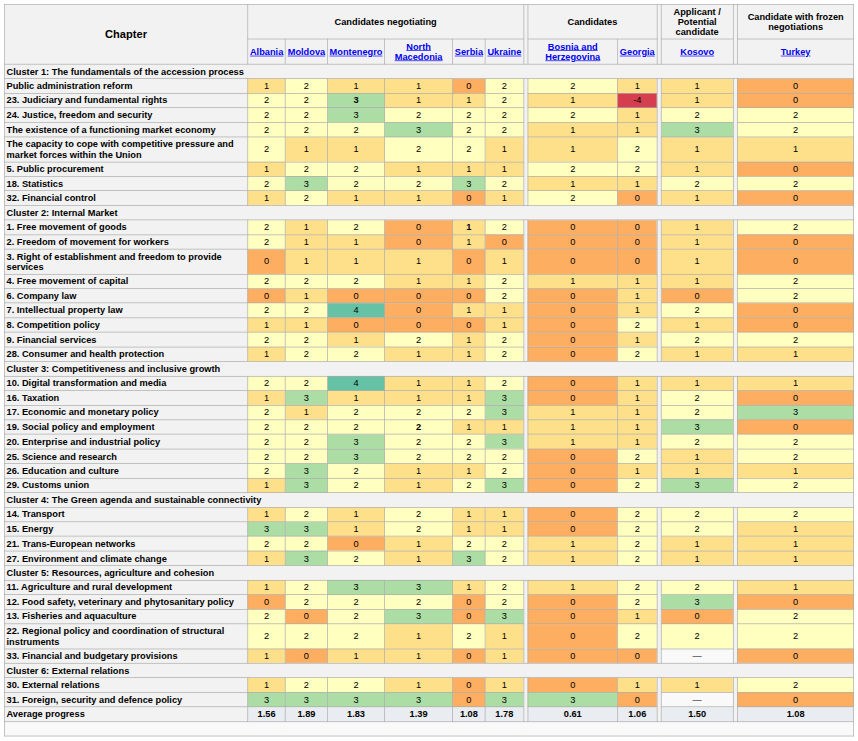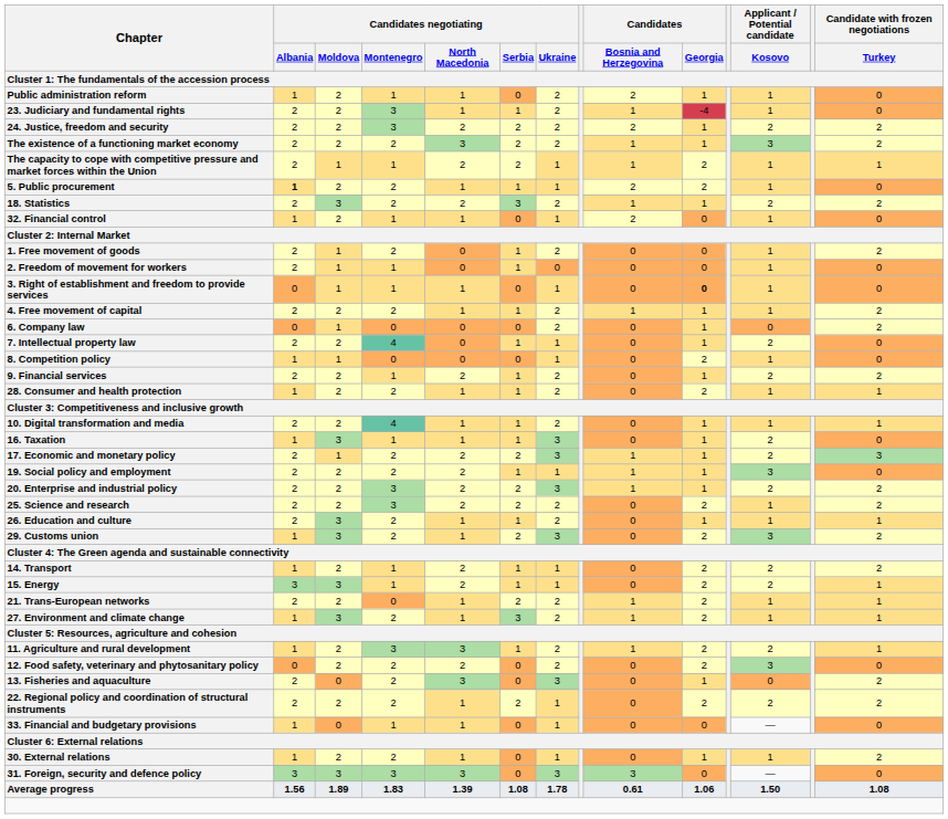 <table class="wikitable" style="text-align:center; font-size:85%">
 <tr>
 <th rowspan=2><big>Chapter</big></th>
 <th colspan=6>Candidates negotiating</th>
 <th rowspan=2></th>
 <th colspan=2>Candidates</th>
 <th rowspan=2></th>
 <th>Applicant /<br>Potential candidate</th>
 <th rowspan=2></th>
 <th>Candidate with frozen negotiations</th>
 </tr>
 <tr>
 <th><a href='#'>Albania</a></th>
 <th><a href='#'>Moldova</a></th>
 <th><a href='#'>Montenegro</a></th>
 <th><a href='#'>North Macedonia</a></th>
 <th><a href='#'>Serbia</a></th>
 <th><a href='#'>Ukraine</a></th>
 <th><a href='#'>Bosnia and Herzegovina</a></th>
 <th><a href='#'>Georgia</a></th>
 <th><a href='#'>Kosovo</a></th>
 <th><a href='#'>Turkey</a></th>
 </tr>
 <tr>
 <th colspan=14 style="text-align:left">Cluster 1: The fundamentals of the accession process</th>
 </tr>
 <tr>
 <th style="text-align:left">Public administration reform</th>
 <td style="background:#fee08b">1</td>
 <td style="background:#ffffbf">2</td>
 <td style="background:#fee08b">1</td>
 <td style="background:#fee08b">1</td>
 <td style="background:#fdae61">0</td>
 <td style="background:#ffffbf">2</td>
 <th rowspan="8"></th>
 <td style="background:#ffffbf">2</td>
 <td style="background:#fee08b">1</td>
 <th rowspan="8"></th>
 <td style="background:#fee08b">1</td>
 <th rowspan="8"></th>
 <td style="background:#fdae61">0</td>
 </tr>
 <tr>
 <th style="text-align:left">23. Judiciary and fundamental rights</th>
 <td style="background:#ffffbf">2</td>
 <td style="background:#ffffbf">2</td>
-<td style="background:#abdda4"><strong>3</strong></td>
+<td style="background:#abdda4">3</td>
 <td style="background:#fee08b">1</td>
 <td style="background:#fee08b">1</td>
 <td style="background:#ffffbf">2</td>
 <td style="background:#fee08b">1</td>
 <td style="background:#d53e4f">-4</td>
 <td style="background:#fee08b">1</td>
 <td style="background:#fdae61">0</td>
 </tr>
 <tr>
 <th style="text-align:left">24. Justice, freedom and security</th>
 <td style="background:#ffffbf">2</td>
 <td style="background:#ffffbf">2</td>
 <td style="background:#abdda4">3</td>
 <td style="background:#ffffbf">2</td>
 <td style="background:#ffffbf">2</td>
 <td style="background:#ffffbf">2</td>
 <td style="background:#ffffbf">2</td>
 <td style="background:#fee08b">1</td>
 <td style="background:#ffffbf">2</td>
 <td style="background:#ffffbf">2</td>
 </tr>
 <tr>
 <th style="text-align:left">The existence of a functioning market economy</th>
 <td style="background:#ffffbf">2</td>
 <td style="background:#ffffbf">2</td>
 <td style="background:#ffffbf">2</td>
 <td style="background:#abdda4">3</td>
 <td style="background:#ffffbf">2</td>
 <td style="background:#ffffbf">2</td>
 <td style="background:#fee08b">1</td>
 <td style="background:#fee08b">1</td>
 <td style="background:#abdda4">3</td>
 <td style="background:#ffffbf">2</td>
 </tr>
 <tr>
 <th style="text-align:left">The capacity to cope with competitive pressure and market forces within the Union</th>
 <td style="background:#ffffbf">2</td>
 <td style="background:#fee08b">1</td>
 <td style="background:#fee08b">1</td>
 <td style="background:#ffffbf">2</td>
 <td style="background:#ffffbf">2</td>
 <td style="background:#fee08b">1</td>
 <td style="background:#fee08b">1</td>
 <td style="background:#ffffbf">2</td>
 <td style="background:#fee08b">1</td>
 <td style="background:#fee08b">1</td>
 </tr>
 <tr>
 <th style="text-align:left">5. Public procurement</th>
-<td style="background:#fee08b">1</td>
+<td style="background:#fee08b"><strong>1</strong></td>
 <td style="background:#ffffbf">2</td>
 <td style="background:#ffffbf">2</td>
 <td style="background:#fee08b">1</td>
 <td style="background:#fee08b">1</td>
 <td style="background:#fee08b">1</td>
 <td style="background:#ffffbf">2</td>
 <td style="background:#ffffbf">2</td>
 <td style="background:#fee08b">1</td>
 <td style="background:#fdae61">0</td>
 </tr>
 <tr>
 <th style="text-align:left">18. Statistics</th>
 <td style="background:#ffffbf">2</td>
 <td style="background:#abdda4">3</td>
 <td style="background:#ffffbf">2</td>
 <td style="background:#ffffbf">2</td>
 <td style="background:#abdda4">3</td>
 <td style="background:#ffffbf">2</td>
 <td style="background:#fee08b">1</td>
 <td style="background:#fee08b">1</td>
 <td style="background:#ffffbf">2</td>
 <td style="background:#ffffbf">2</td>
 </tr>
 <tr>
 <th style="text-align:left">32. Financial control</th>
 <td style="background:#fee08b">1</td>
 <td style="background:#ffffbf">2</td>
 <td style="background:#fee08b">1</td>
 <td style="background:#fee08b">1</td>
 <td style="background:#fdae61">0</td>
 <td style="background:#fee08b">1</td>
 <td style="background:#ffffbf">2</td>
 <td style="background:#fdae61">0</td>
 <td style="background:#fee08b">1</td>
 <td style="background:#fdae61">0</td>
 </tr>
 <tr>
 <th colspan=14 style="text-align:left">Cluster 2: Internal Market</th>
 </tr>
 <tr>
 <th style="text-align:left">1. Free movement of goods</th>
 <td style="background:#ffffbf">2</td>
 <td style="background:#fee08b">1</td>
 <td style="background:#ffffbf">2</td>
 <td style="background:#fdae61">0</td>
-<td style="background:#fee08b"><strong>1</strong></td>
+<td style="background:#fee08b">1</td>
 <td style="background:#ffffbf">2</td>
 <th rowspan=9></th>
 <td style="background:#fdae61">0</td>
 <td style="background:#fdae61">0</td>
 <th rowspan=9></th>
 <td style="background:#fee08b">1</td>
 <th rowspan=9></th>
 <td style="background:#ffffbf">2</td>
 </tr>
 <tr>
 <th style="text-align:left">2. Freedom of movement for workers</th>
 <td style="background:#ffffbf">2</td>
 <td style="background:#fee08b">1</td>
 <td style="background:#fee08b">1</td>
 <td style="background:#fdae61">0</td>
 <td style="background:#fee08b">1</td>
 <td style="background:#fdae61">0</td>
 <td style="background:#fdae61">0</td>
 <td style="background:#fdae61">0</td>
 <td style="background:#fee08b">1</td>
 <td style="background:#fdae61">0</td>
 </tr>
 <tr>
 <th style="text-align:left">3. Right of establishment and freedom to provide services</th>
 <td style="background:#fdae61">0</td>
 <td style="background:#fee08b">1</td>
 <td style="background:#fee08b">1</td>
 <td style="background:#fee08b">1</td>
 <td style="background:#fdae61">0</td>
 <td style="background:#fee08b">1</td>
 <td style="background:#fdae61">0</td>
-<td style="background:#fdae61">0</td>
+<td style="background:#fdae61"><strong>0</strong></td>
 <td style="background:#fee08b">1</td>
 <td style="background:#fdae61">0</td>
 </tr>
 <tr>
 <th style="text-align:left">4. Free movement of capital</th>
 <td style="background:#ffffbf">2</td>
 <td style="background:#ffffbf">2</td>
 <td style="background:#ffffbf">2</td>
 <td style="background:#fee08b">1</td>
 <td style="background:#fee08b">1</td>
 <td style="background:#ffffbf">2</td>
 <td style="background:#fee08b">1</td>
 <td style="background:#fee08b">1</td>
 <td style="background:#fee08b">1</td>
 <td style="background:#ffffbf">2</td>
 </tr>
 <tr>
 <th style="text-align:left">6. Company law</th>
 <td style="background:#fdae61">0</td>
 <td style="background:#fee08b">1</td>
 <td style="background:#fdae61">0</td>
 <td style="background:#fdae61">0</td>
 <td style="background:#fdae61">0</td>
 <td style="background:#ffffbf">2</td>
 <td style="background:#fdae61">0</td>
 <td style="background:#fee08b">1</td>
 <td style="background:#fdae61">0</td>
 <td style="background:#ffffbf">2</td>
 </tr>
 <tr>
 <th style="text-align:left">7. Intellectual property law</th>
 <td style="background:#ffffbf">2</td>
 <td style="background:#ffffbf">2</td>
 <td style="background:#66c2a5">4</td>
 <td style="background:#fdae61">0</td>
 <td style="background:#fee08b">1</td>
 <td style="background:#fee08b">1</td>
 <td style="background:#fdae61">0</td>
 <td style="background:#fee08b">1</td>
 <td style="background:#ffffbf">2</td>
 <td style="background:#fdae61">0</td>
 </tr>
 <tr>
 <th style="text-align:left">8. Competition policy</th>
 <td style="background:#fee08b">1</td>
 <td style="background:#fee08b">1</td>
 <td style="background:#fdae61">0</td>
 <td style="background:#fdae61">0</td>
 <td style="background:#fdae61">0</td>
 <td style="background:#fee08b">1</td>
 <td style="background:#fdae61">0</td>
 <td style="background:#ffffbf">2</td>
 <td style="background:#fee08b">1</td>
 <td style="background:#fdae61">0</td>
 </tr>
 <tr>
 <th style="text-align:left">9. Financial services</th>
 <td style="background:#ffffbf">2</td>
 <td style="background:#ffffbf">2</td>
 <td style="background:#fee08b">1</td>
 <td style="background:#ffffbf">2</td>
 <td style="background:#fee08b">1</td>
 <td style="background:#ffffbf">2</td>
 <td style="background:#fdae61">0</td>
 <td style="background:#fee08b">1</td>
 <td style="background:#ffffbf">2</td>
 <td style="background:#ffffbf">2</td>
 </tr>
 <tr>
 <th style="text-align:left">28. Consumer and health protection</th>
 <td style="background:#fee08b">1</td>
 <td style="background:#ffffbf">2</td>
 <td style="background:#ffffbf">2</td>
 <td style="background:#fee08b">1</td>
 <td style="background:#fee08b">1</td>
 <td style="background:#ffffbf">2</td>
 <td style="background:#fdae61">0</td>
 <td style="background:#ffffbf">2</td>
 <td style="background:#fee08b">1</td>
 <td style="background:#fee08b">1</td>
 </tr>
 <tr>
 <th colspan=14 style="text-align:left">Cluster 3: Competitiveness and inclusive growth</th>
 </tr>
 <tr>
 <th style="text-align:left">10. Digital transformation and media</th>
 <td style="background:#ffffbf">2</td>
 <td style="background:#ffffbf">2</td>
 <td style="background:#66c2a5">4</td>
 <td style="background:#fee08b">1</td>
 <td style="background:#fee08b">1</td>
 <td style="background:#ffffbf">2</td>
 <th rowspan=8></th>
 <td style="background:#fdae61">0</td>
 <td style="background:#fee08b">1</td>
 <th rowspan=8></th>
 <td style="background:#fee08b">1</td>
 <th rowspan=8></th>
 <td style="background:#fee08b">1</td>
 </tr>
 <tr>
 <th style="text-align:left">16. Taxation</th>
 <td style="background:#fee08b">1</td>
 <td style="background:#abdda4">3</td>
 <td style="background:#fee08b">1</td>
 <td style="background:#fee08b">1</td>
 <td style="background:#fee08b">1</td>
 <td style="background:#abdda4">3</td>
 <td style="background:#fdae61">0</td>
 <td style="background:#fee08b">1</td>
 <td style="background:#ffffbf">2</td>
 <td style="background:#fdae61">0</td>
 </tr>
 <tr>
 <th style="text-align:left">17. Economic and monetary policy</th>
 <td style="background:#ffffbf">2</td>
 <td style="background:#fee08b">1</td>
 <td style="background:#ffffbf">2</td>
 <td style="background:#ffffbf">2</td>
 <td style="background:#ffffbf">2</td>
 <td style="background:#abdda4">3</td>
 <td style="background:#fee08b">1</td>
 <td style="background:#fee08b">1</td>
 <td style="background:#ffffbf">2</td>
 <td style="background:#abdda4">3</td>
 </tr>
 <tr>
 <th style="text-align:left">19. Social policy and employment</th>
 <td style="background:#ffffbf">2</td>
 <td style="background:#ffffbf">2</td>
 <td style="background:#ffffbf">2</td>
-<td style="background:#ffffbf"><strong>2</strong></td>
+<td style="background:#ffffbf">2</td>
 <td style="background:#fee08b">1</td>
 <td style="background:#fee08b">1</td>
 <td style="background:#fee08b">1</td>
 <td style="background:#fee08b">1</td>
 <td style="background:#abdda4">3</td>
 <td style="background:#fdae61">0</td>
 </tr>
 <tr>
 <th style="text-align:left">20. Enterprise and industrial policy</th>
 <td style="background:#ffffbf">2</td>
 <td style="background:#ffffbf">2</td>
 <td style="background:#abdda4">3</td>
 <td style="background:#ffffbf">2</td>
 <td style="background:#ffffbf">2</td>
 <td style="background:#abdda4">3</td>
 <td style="background:#fee08b">1</td>
 <td style="background:#fee08b">1</td>
 <td style="background:#ffffbf">2</td>
 <td style="background:#ffffbf">2</td>
 </tr>
 <tr>
 <th style="text-align:left">25. Science and research</th>
 <td style="background:#ffffbf">2</td>
 <td style="background:#ffffbf">2</td>
 <td style="background:#abdda4">3</td>
 <td style="background:#ffffbf">2</td>
 <td style="background:#ffffbf">2</td>
 <td style="background:#ffffbf">2</td>
 <td style="background:#fdae61">0</td>
 <td style="background:#ffffbf">2</td>
 <td style="background:#fee08b">1</td>
 <td style="background:#ffffbf">2</td>
 </tr>
 <tr>
 <th style="text-align:left">26. Education and culture</th>
 <td style="background:#ffffbf">2</td>
 <td style="background:#abdda4">3</td>
 <td style="background:#ffffbf">2</td>
 <td style="background:#fee08b">1</td>
 <td style="background:#fee08b">1</td>
 <td style="background:#ffffbf">2</td>
 <td style="background:#fdae61">0</td>
 <td style="background:#fee08b">1</td>
 <td style="background:#fee08b">1</td>
 <td style="background:#fee08b">1</td>
 </tr>
 <tr>
 <th style="text-align:left">29. Customs union</th>
 <td style="background:#fee08b">1</td>
 <td style="background:#abdda4">3</td>
 <td style="background:#ffffbf">2</td>
 <td style="background:#fee08b">1</td>
 <td style="background:#ffffbf">2</td>
 <td style="background:#abdda4">3</td>
 <td style="background:#fdae61">0</td>
 <td style="background:#ffffbf">2</td>
 <td style="background:#abdda4">3</td>
 <td style="background:#ffffbf">2</td>
 </tr>
 <tr>
 <th colspan=14 style="text-align:left">Cluster 4: The Green agenda and sustainable connectivity</th>
 </tr>
 <tr>
 <th style="text-align:left">14. Transport</th>
 <td style="background:#fee08b">1</td>
 <td style="background:#ffffbf">2</td>
 <td style="background:#fee08b">1</td>
 <td style="background:#ffffbf">2</td>
 <td style="background:#fee08b">1</td>
 <td style="background:#fee08b">1</td>
 <th rowspan=4></th>
 <td style="background:#fdae61">0</td>
 <td style="background:#ffffbf">2</td>
 <th rowspan=4></th>
 <td style="background:#ffffbf">2</td>
 <th rowspan=4></th>
 <td style="background:#ffffbf">2</td>
 </tr>
 <tr>
 <th style="text-align:left">15. Energy</th>
 <td style="background:#abdda4">3</td>
 <td style="background:#abdda4">3</td>
 <td style="background:#fee08b">1</td>
 <td style="background:#ffffbf">2</td>
 <td style="background:#fee08b">1</td>
 <td style="background:#fee08b">1</td>
 <td style="background:#fdae61">0</td>
 <td style="background:#ffffbf">2</td>
 <td style="background:#ffffbf">2</td>
 <td style="background:#fee08b">1</td>
 </tr>
 <tr>
 <th style="text-align:left">21. Trans-European networks</th>
 <td style="background:#ffffbf">2</td>
 <td style="background:#ffffbf">2</td>
 <td style="background:#fdae61">0</td>
 <td style="background:#fee08b">1</td>
 <td style="background:#ffffbf">2</td>
 <td style="background:#ffffbf">2</td>
 <td style="background:#fee08b">1</td>
 <td style="background:#ffffbf">2</td>
 <td style="background:#fee08b">1</td>
 <td style="background:#fee08b">1</td>
 </tr>
 <tr>
 <th style="text-align:left">27. Environment and climate change</th>
 <td style="background:#fee08b">1</td>
 <td style="background:#abdda4">3</td>
 <td style="background:#ffffbf">2</td>
 <td style="background:#fee08b">1</td>
 <td style="background:#abdda4">3</td>
 <td style="background:#ffffbf">2</td>
 <td style="background:#fee08b">1</td>
 <td style="background:#ffffbf">2</td>
 <td style="background:#fee08b">1</td>
 <td style="background:#fee08b">1</td>
 </tr>
 <tr>
 <th colspan=14 style="text-align:left">Cluster 5: Resources, agriculture and cohesion</th>
 </tr>
 <tr>
 <th style="text-align:left">11. Agriculture and rural development</th>
 <td style="background:#fee08b">1</td>
 <td style="background:#ffffbf">2</td>
 <td style="background:#abdda4">3</td>
 <td style="background:#abdda4">3</td>
 <td style="background:#fee08b">1</td>
 <td style="background:#ffffbf">2</td>
 <th rowspan=5></th>
 <td style="background:#fee08b">1</td>
 <td style="background:#ffffbf">2</td>
 <th rowspan=5></th>
 <td style="background:#ffffbf">2</td>
 <th rowspan=5></th>
 <td style="background:#fee08b">1</td>
 </tr>
 <tr>
 <th style="text-align:left">12. Food safety, veterinary and phytosanitary policy</th>
 <td style="background:#fdae61">0</td>
 <td style="background:#ffffbf">2</td>
 <td style="background:#ffffbf">2</td>
 <td style="background:#ffffbf">2</td>
 <td style="background:#fdae61">0</td>
 <td style="background:#ffffbf">2</td>
 <td style="background:#fdae61">0</td>
 <td style="background:#ffffbf">2</td>
 <td style="background:#abdda4">3</td>
 <td style="background:#fdae61">0</td>
 </tr>
 <tr>
 <th style="text-align:left">13. Fisheries and aquaculture</th>
 <td style="background:#ffffbf">2</td>
 <td style="background:#fdae61">0</td>
 <td style="background:#ffffbf">2</td>
 <td style="background:#abdda4">3</td>
 <td style="background:#fdae61">0</td>
 <td style="background:#abdda4">3</td>
 <td style="background:#fdae61">0</td>
 <td style="background:#fee08b">1</td>
 <td style="background:#fdae61">0</td>
 <td style="background:#ffffbf">2</td>
 </tr>
 <tr>
 <th style="text-align:left">22. Regional policy and coordination of structural instruments</th>
 <td style="background:#ffffbf">2</td>
 <td style="background:#ffffbf">2</td>
 <td style="background:#ffffbf">2</td>
 <td style="background:#fee08b">1</td>
 <td style="background:#ffffbf">2</td>
 <td style="background:#fee08b">1</td>
 <td style="background:#fdae61">0</td>
 <td style="background:#ffffbf">2</td>
 <td style="background:#ffffbf">2</td>
 <td style="background:#ffffbf">2</td>
 </tr>
 <tr>
 <th style="text-align:left">33. Financial and budgetary provisions</th>
 <td style="background:#fee08b">1</td>
 <td style="background:#fdae61">0</td>
 <td style="background:#fee08b">1</td>
 <td style="background:#fee08b">1</td>
 <td style="background:#fdae61">0</td>
 <td style="background:#fee08b">1</td>
 <td style="background:#fdae61">0</td>
 <td style="background:#fdae61">0</td>
 <td>—</td>
 <td style="background:#fdae61">0</td>
 </tr>
 <tr>
 <th colspan=14 style="text-align:left">Cluster 6: External relations</th>
 </tr>
 <tr>
 <th style="text-align:left">30. External relations</th>
 <td style="background:#fee08b">1</td>
 <td style="background:#ffffbf">2</td>
 <td style="background:#ffffbf">2</td>
 <td style="background:#fee08b">1</td>
 <td style="background:#fdae61">0</td>
 <td style="background:#fee08b">1</td>
 <th rowspan=3></th>
 <td style="background:#fdae61">0</td>
 <td style="background:#fee08b">1</td>
 <th rowspan=3></th>
 <td style="background:#fee08b">1</td>
 <th rowspan=3></th>
 <td style="background:#ffffbf">2</td>
 </tr>
 <tr>
 <th style="text-align:left">31. Foreign, security and defence policy</th>
 <td style="background:#abdda4">3</td>
 <td style="background:#abdda4">3</td>
 <td style="background:#abdda4">3</td>
 <td style="background:#abdda4">3</td>
 <td style="background:#fdae61">0</td>
 <td style="background:#abdda4">3</td>
 <td style="background:#abdda4">3</td>
 <td style="background:#fdae61">0</td>
 <td>—</td>
 <td style="background:#fdae61">0</td>
 </tr>
 <tr>
 <th style="text-align:left">Average progress</th>
 <th style="background:#e9ecf0">1.56</th>
 <th style="background:#e9ecf0">1.89</th>
 <th style="background:#e9ecf0">1.83</th>
 <th style="background:#e9ecf0">1.39</th>
 <th style="background:#e9ecf0">1.08</th>
 <th style="background:#e9ecf0">1.78</th>
 <th style="background:#e9ecf0">0.61</th>
 <th style="background:#e9ecf0">1.06</th>
 <th style="background:#e9ecf0">1.50</th>
 <th style="background:#e9ecf0">1.08</th>
 </tr>
 <tr>
 <td colspan=14><br>      </td>
 </tr>
 </table>
